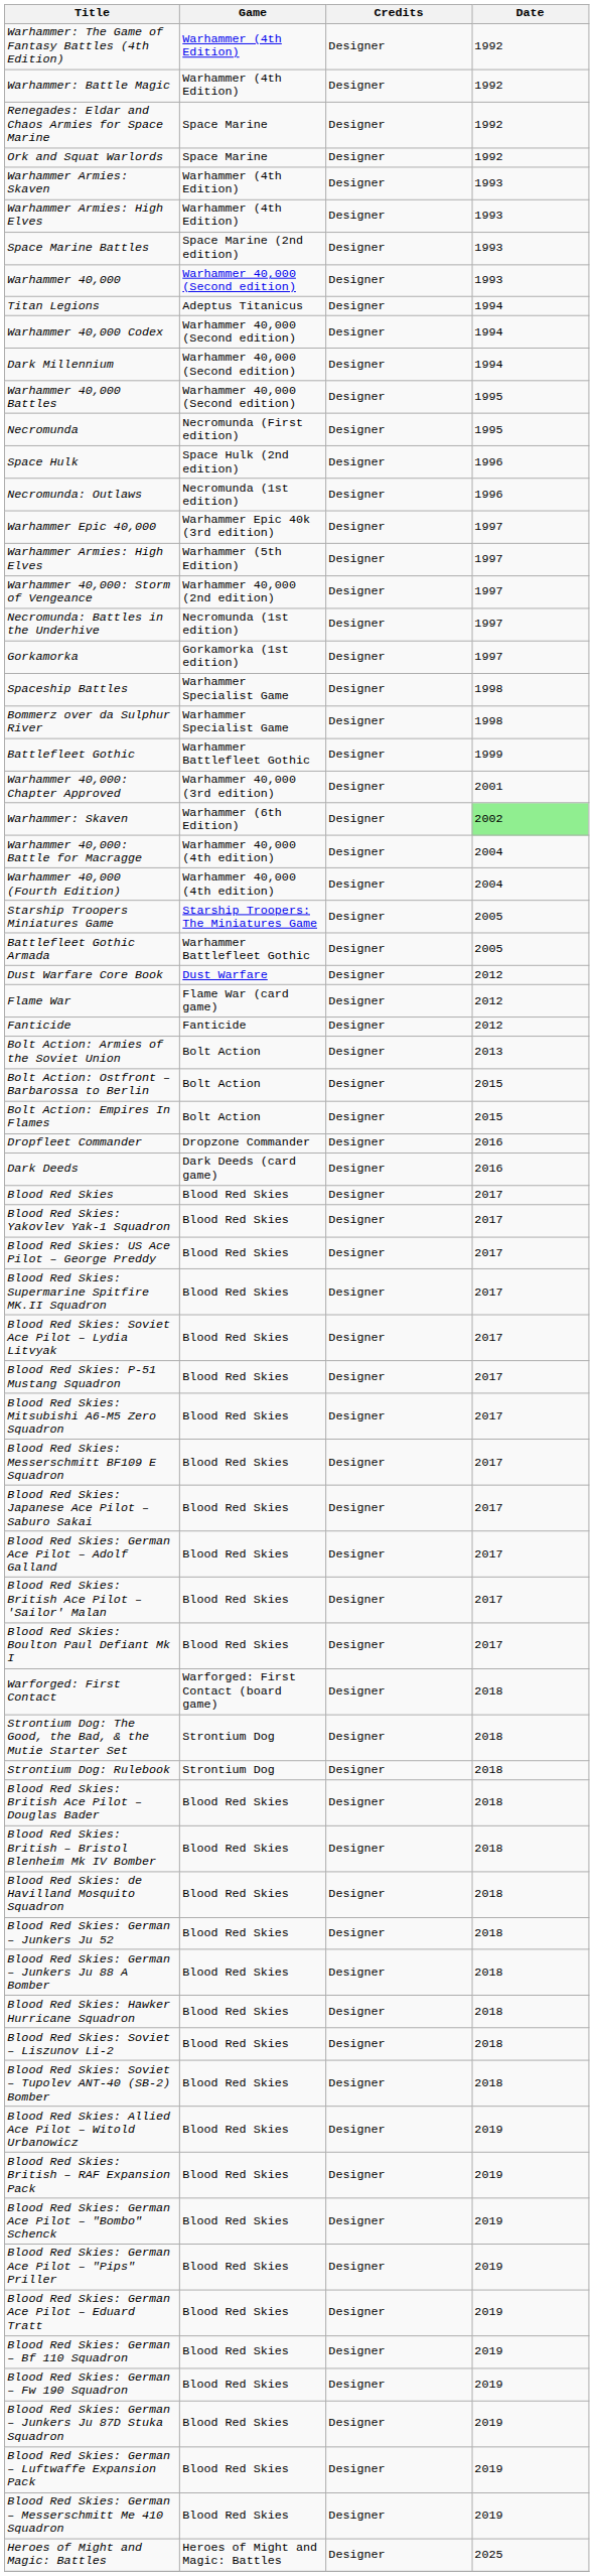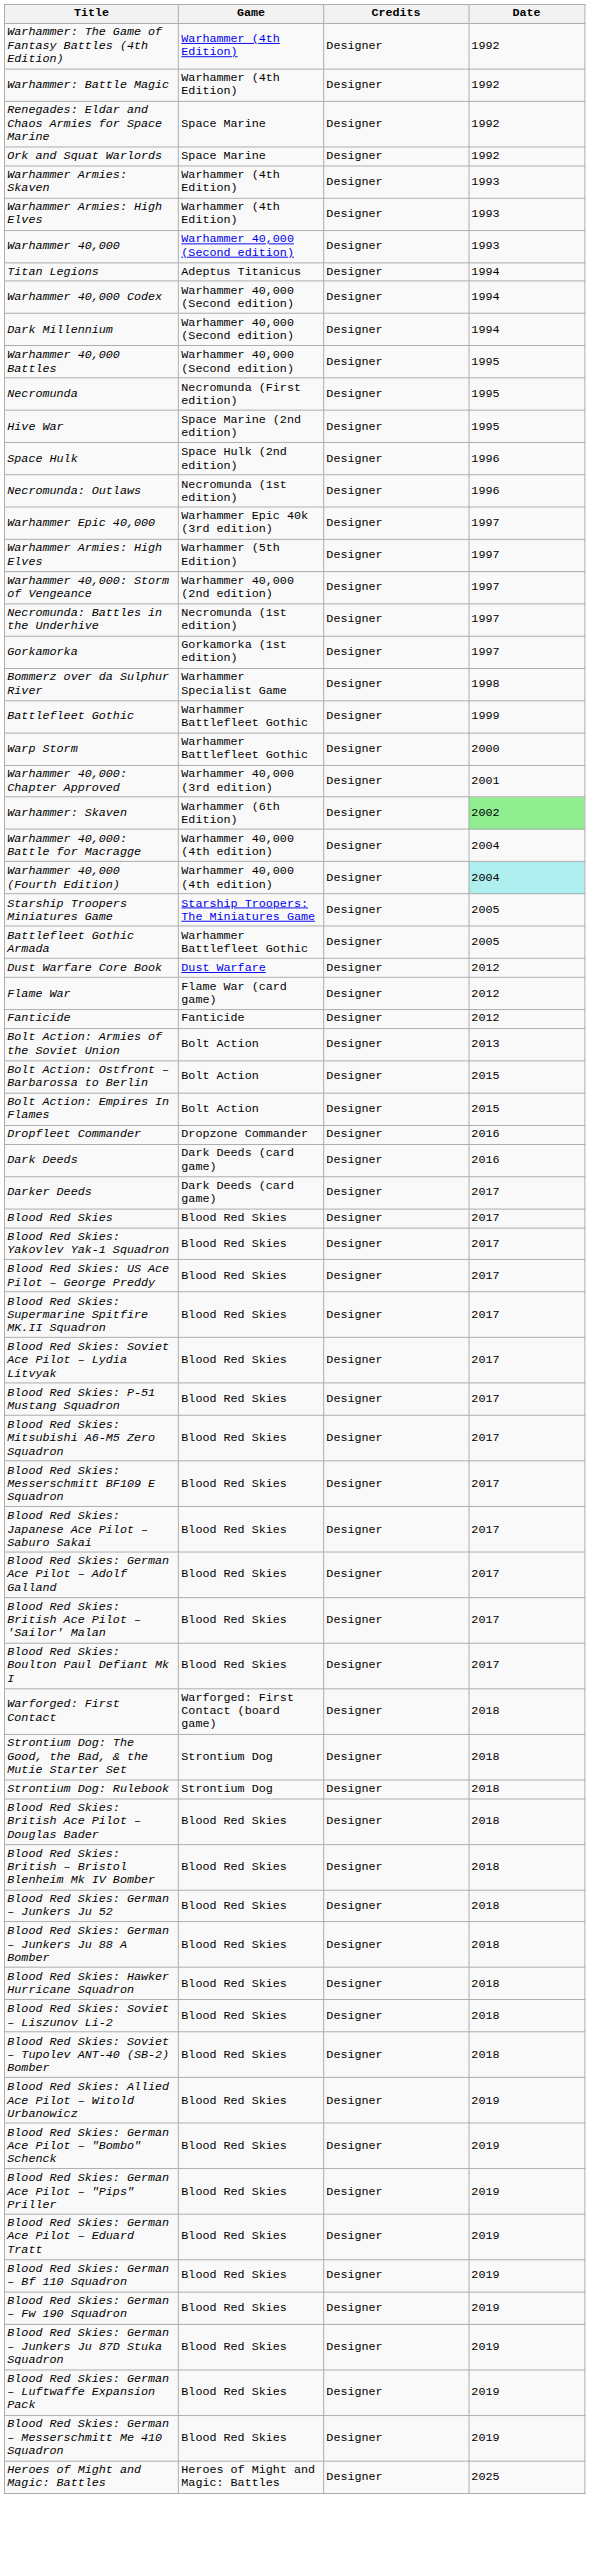 <table class="wikitable sortable" style="margins:auto; width=95%; font-size: 95%;">
 <tr>
 <th width="30%">Title</th>
 <th width="25%">Game</th>
 <th width="25%">Credits</th>
 <th width="20%">Date</th>
 </tr>
 <tr>
 <td><em>Warhammer: The Game of Fantasy Battles (4th Edition)</em></td>
 <td><a href='#'>Warhammer (4th Edition)</a></td>
 <td>Designer</td>
 <td>1992</td>
 </tr>
 <tr>
 <td><em>Warhammer: Battle Magic</em></td>
 <td>Warhammer (4th Edition)</td>
 <td>Designer</td>
 <td>1992</td>
 </tr>
 <tr>
 <td><em>Renegades: Eldar and Chaos Armies for Space Marine</em></td>
 <td>Space Marine</td>
 <td>Designer</td>
 <td>1992</td>
 </tr>
 <tr>
 <td><em>Ork and Squat Warlords</em></td>
 <td>Space Marine</td>
 <td>Designer</td>
 <td>1992</td>
 </tr>
 <tr>
 <td><em>Warhammer Armies: Skaven</em></td>
 <td>Warhammer (4th Edition)</td>
 <td>Designer</td>
 <td>1993</td>
 </tr>
 <tr>
 <td><em>Warhammer Armies: High Elves</em></td>
 <td>Warhammer (4th Edition)</td>
 <td>Designer</td>
 <td>1993</td>
 </tr>
 <tr>
-<td><em>Space Marine Battles</em></td>
-<td>Space Marine (2nd edition)</td>
-<td>Designer</td>
-<td>1993</td>
-</tr>
-<tr>
 <td><em>Warhammer 40,000</em></td>
 <td><a href='#'>Warhammer 40,000 (Second edition)</a></td>
 <td>Designer</td>
 <td>1993</td>
 </tr>
 <tr>
 <td><em>Titan Legions</em></td>
 <td>Adeptus Titanicus</td>
 <td>Designer</td>
 <td>1994</td>
 </tr>
 <tr>
 <td><em>Warhammer 40,000 Codex</em></td>
 <td>Warhammer 40,000 (Second edition)</td>
 <td>Designer</td>
 <td>1994</td>
 </tr>
 <tr>
 <td><em>Dark Millennium</em></td>
 <td>Warhammer 40,000 (Second edition)</td>
 <td>Designer</td>
 <td>1994</td>
 </tr>
 <tr>
 <td><em>Warhammer 40,000 Battles</em></td>
 <td>Warhammer 40,000 (Second edition)</td>
 <td>Designer</td>
 <td>1995</td>
 </tr>
 <tr>
 <td><em>Necromunda</em></td>
 <td>Necromunda (First edition)</td>
+<td>Designer</td>
+<td>1995</td>
+</tr>
+<tr>
+<td><em>Hive War</em></td>
+<td>Space Marine (2nd edition)</td>
 <td>Designer</td>
 <td>1995</td>
 </tr>
 <tr>
 <td><em>Space Hulk</em></td>
 <td>Space Hulk (2nd edition)</td>
 <td>Designer</td>
 <td>1996</td>
 </tr>
 <tr>
 <td><em>Necromunda: Outlaws</em></td>
 <td>Necromunda (1st edition)</td>
 <td>Designer</td>
 <td>1996</td>
 </tr>
 <tr>
 <td><em>Warhammer Epic 40,000</em></td>
 <td>Warhammer Epic 40k (3rd edition)</td>
 <td>Designer</td>
 <td>1997</td>
 </tr>
 <tr>
 <td><em>Warhammer Armies: High Elves</em></td>
 <td>Warhammer (5th Edition)</td>
 <td>Designer</td>
 <td>1997</td>
 </tr>
 <tr>
 <td><em>Warhammer 40,000: Storm of Vengeance</em></td>
 <td>Warhammer 40,000 (2nd edition)</td>
 <td>Designer</td>
 <td>1997</td>
 </tr>
 <tr>
 <td><em>Necromunda: Battles in the Underhive</em></td>
 <td>Necromunda (1st edition)</td>
 <td>Designer</td>
 <td>1997</td>
 </tr>
 <tr>
 <td><em>Gorkamorka</em></td>
 <td>Gorkamorka (1st edition)</td>
 <td>Designer</td>
 <td>1997</td>
 </tr>
 <tr>
-<td><em>Spaceship Battles</em></td>
-<td>Warhammer Specialist Game</td>
-<td>Designer</td>
-<td>1998</td>
-</tr>
-<tr>
 <td><em>Bommerz over da Sulphur River</em></td>
 <td>Warhammer Specialist Game</td>
 <td>Designer</td>
 <td>1998</td>
 </tr>
 <tr>
 <td><em>Battlefleet Gothic</em></td>
 <td>Warhammer Battlefleet Gothic</td>
 <td>Designer</td>
 <td>1999</td>
+</tr>
+<tr>
+<td><em>Warp Storm</em></td>
+<td>Warhammer Battlefleet Gothic</td>
+<td>Designer</td>
+<td>2000</td>
 </tr>
 <tr>
 <td><em>Warhammer 40,000: Chapter Approved</em></td>
 <td>Warhammer 40,000 (3rd edition)</td>
 <td>Designer</td>
 <td>2001</td>
 </tr>
 <tr>
 <td><em>Warhammer: Skaven</em></td>
 <td>Warhammer (6th Edition)</td>
 <td>Designer</td>
 <td style="background: lightgreen;">2002</td>
 </tr>
 <tr>
 <td><em>Warhammer 40,000: Battle for Macragge</em></td>
 <td>Warhammer 40,000 (4th edition)</td>
 <td>Designer</td>
 <td>2004</td>
 </tr>
 <tr>
 <td><em>Warhammer 40,000 (Fourth Edition)</em></td>
 <td>Warhammer 40,000 (4th edition)</td>
 <td>Designer</td>
-<td>2004</td>
+<td style="background: paleturquoise;">2004</td>
 </tr>
 <tr>
 <td><em>Starship Troopers Miniatures Game</em></td>
 <td><a href='#'>Starship Troopers: The Miniatures Game</a></td>
 <td>Designer</td>
 <td>2005</td>
 </tr>
 <tr>
 <td><em>Battlefleet Gothic Armada</em></td>
 <td>Warhammer Battlefleet Gothic</td>
 <td>Designer</td>
 <td>2005</td>
 </tr>
 <tr>
 <td><em>Dust Warfare Core Book</em></td>
 <td><a href='#'>Dust Warfare</a></td>
 <td>Designer</td>
 <td>2012</td>
 </tr>
 <tr>
 <td><em>Flame War</em></td>
 <td>Flame War (card game)</td>
 <td>Designer</td>
 <td>2012</td>
 </tr>
 <tr>
 <td><em>Fanticide</em></td>
 <td>Fanticide</td>
 <td>Designer</td>
 <td>2012</td>
 </tr>
 <tr>
 <td><em>Bolt Action: Armies of the Soviet Union</em></td>
 <td>Bolt Action</td>
 <td>Designer</td>
 <td>2013</td>
 </tr>
 <tr>
 <td><em>Bolt Action: Ostfront – Barbarossa to Berlin</em></td>
 <td>Bolt Action</td>
 <td>Designer</td>
 <td>2015</td>
 </tr>
 <tr>
 <td><em>Bolt Action: Empires In Flames</em></td>
 <td>Bolt Action</td>
 <td>Designer</td>
 <td>2015</td>
 </tr>
 <tr>
 <td><em>Dropfleet Commander</em></td>
 <td>Dropzone Commander</td>
 <td>Designer</td>
 <td>2016</td>
 </tr>
 <tr>
 <td><em>Dark Deeds</em></td>
 <td>Dark Deeds (card game)</td>
 <td>Designer</td>
 <td>2016</td>
+</tr>
+<tr>
+<td><em>Darker Deeds</em></td>
+<td>Dark Deeds (card game)</td>
+<td>Designer</td>
+<td>2017</td>
 </tr>
 <tr>
 <td><em>Blood Red Skies</em></td>
 <td>Blood Red Skies</td>
 <td>Designer</td>
 <td>2017</td>
 </tr>
 <tr>
 <td><em>Blood Red Skies: Yakovlev Yak-1 Squadron</em></td>
 <td>Blood Red Skies</td>
 <td>Designer</td>
 <td>2017</td>
 </tr>
 <tr>
 <td><em>Blood Red Skies: US Ace Pilot – George Preddy</em></td>
 <td>Blood Red Skies</td>
 <td>Designer</td>
 <td>2017</td>
 </tr>
 <tr>
 <td><em>Blood Red Skies: Supermarine Spitfire MK.II Squadron</em></td>
 <td>Blood Red Skies</td>
 <td>Designer</td>
 <td>2017</td>
 </tr>
 <tr>
 <td><em>Blood Red Skies: Soviet Ace Pilot – Lydia Litvyak</em></td>
 <td>Blood Red Skies</td>
 <td>Designer</td>
 <td>2017</td>
 </tr>
 <tr>
 <td><em>Blood Red Skies: P-51 Mustang Squadron</em></td>
 <td>Blood Red Skies</td>
 <td>Designer</td>
 <td>2017</td>
 </tr>
 <tr>
 <td><em>Blood Red Skies: Mitsubishi A6-M5 Zero Squadron</em></td>
 <td>Blood Red Skies</td>
 <td>Designer</td>
 <td>2017</td>
 </tr>
 <tr>
 <td><em>Blood Red Skies: Messerschmitt BF109 E Squadron</em></td>
 <td>Blood Red Skies</td>
 <td>Designer</td>
 <td>2017</td>
 </tr>
 <tr>
 <td><em>Blood Red Skies: Japanese Ace Pilot – Saburo Sakai</em></td>
 <td>Blood Red Skies</td>
 <td>Designer</td>
 <td>2017</td>
 </tr>
 <tr>
 <td><em>Blood Red Skies: German Ace Pilot – Adolf Galland</em></td>
 <td>Blood Red Skies</td>
 <td>Designer</td>
 <td>2017</td>
 </tr>
 <tr>
 <td><em>Blood Red Skies: British Ace Pilot – 'Sailor' Malan</em></td>
 <td>Blood Red Skies</td>
 <td>Designer</td>
 <td>2017</td>
 </tr>
 <tr>
 <td><em>Blood Red Skies: Boulton Paul Defiant Mk I</em></td>
 <td>Blood Red Skies</td>
 <td>Designer</td>
 <td>2017</td>
 </tr>
 <tr>
 <td><em>Warforged: First Contact</em></td>
 <td>Warforged: First Contact (board game)</td>
 <td>Designer</td>
 <td>2018</td>
 </tr>
 <tr>
 <td><em>Strontium Dog: The Good, the Bad, & the Mutie Starter Set</em></td>
 <td>Strontium Dog</td>
 <td>Designer</td>
 <td>2018</td>
 </tr>
 <tr>
 <td><em>Strontium Dog: Rulebook</em></td>
 <td>Strontium Dog</td>
 <td>Designer</td>
 <td>2018</td>
 </tr>
 <tr>
 <td><em>Blood Red Skies: British Ace Pilot – Douglas Bader</em></td>
 <td>Blood Red Skies</td>
 <td>Designer</td>
 <td>2018</td>
 </tr>
 <tr>
 <td><em>Blood Red Skies: British – Bristol Blenheim Mk IV Bomber</em></td>
 <td>Blood Red Skies</td>
 <td>Designer</td>
 <td>2018</td>
 </tr>
 <tr>
-<td><em>Blood Red Skies: de Havilland Mosquito Squadron</em></td>
-<td>Blood Red Skies</td>
-<td>Designer</td>
-<td>2018</td>
-</tr>
-<tr>
 <td><em>Blood Red Skies: German – Junkers Ju 52</em></td>
 <td>Blood Red Skies</td>
 <td>Designer</td>
 <td>2018</td>
 </tr>
 <tr>
 <td><em>Blood Red Skies: German – Junkers Ju 88 A Bomber</em></td>
 <td>Blood Red Skies</td>
 <td>Designer</td>
 <td>2018</td>
 </tr>
 <tr>
 <td><em>Blood Red Skies: Hawker Hurricane Squadron</em></td>
 <td>Blood Red Skies</td>
 <td>Designer</td>
 <td>2018</td>
 </tr>
 <tr>
 <td><em>Blood Red Skies: Soviet – Liszunov Li-2</em></td>
 <td>Blood Red Skies</td>
 <td>Designer</td>
 <td>2018</td>
 </tr>
 <tr>
 <td><em>Blood Red Skies: Soviet – Tupolev ANT-40 (SB-2) Bomber</em></td>
 <td>Blood Red Skies</td>
 <td>Designer</td>
 <td>2018</td>
 </tr>
 <tr>
 <td><em>Blood Red Skies: Allied Ace Pilot – Witold Urbanowicz</em></td>
-<td>Blood Red Skies</td>
-<td>Designer</td>
-<td>2019</td>
-</tr>
-<tr>
-<td><em>Blood Red Skies: British – RAF Expansion Pack</em></td>
 <td>Blood Red Skies</td>
 <td>Designer</td>
 <td>2019</td>
 </tr>
 <tr>
 <td><em>Blood Red Skies: German Ace Pilot – "Bombo" Schenck</em></td>
 <td>Blood Red Skies</td>
 <td>Designer</td>
 <td>2019</td>
 </tr>
 <tr>
 <td><em>Blood Red Skies: German Ace Pilot – "Pips" Priller</em></td>
 <td>Blood Red Skies</td>
 <td>Designer</td>
 <td>2019</td>
 </tr>
 <tr>
 <td><em>Blood Red Skies: German Ace Pilot – Eduard Tratt</em></td>
 <td>Blood Red Skies</td>
 <td>Designer</td>
 <td>2019</td>
 </tr>
 <tr>
 <td><em>Blood Red Skies: German – Bf 110 Squadron</em></td>
 <td>Blood Red Skies</td>
 <td>Designer</td>
 <td>2019</td>
 </tr>
 <tr>
 <td><em>Blood Red Skies: German – Fw 190 Squadron</em></td>
 <td>Blood Red Skies</td>
 <td>Designer</td>
 <td>2019</td>
 </tr>
 <tr>
 <td><em>Blood Red Skies: German – Junkers Ju 87D Stuka Squadron</em></td>
 <td>Blood Red Skies</td>
 <td>Designer</td>
 <td>2019</td>
 </tr>
 <tr>
 <td><em>Blood Red Skies: German – Luftwaffe Expansion Pack</em></td>
 <td>Blood Red Skies</td>
 <td>Designer</td>
 <td>2019</td>
 </tr>
 <tr>
 <td><em>Blood Red Skies: German – Messerschmitt Me 410 Squadron</em></td>
 <td>Blood Red Skies</td>
 <td>Designer</td>
 <td>2019</td>
 </tr>
 <tr>
 <td><em>Heroes of Might and Magic: Battles</em></td>
 <td>Heroes of Might and Magic: Battles</td>
 <td>Designer</td>
 <td>2025</td>
 </tr>
 <tr>
 </tr>
 </table>
